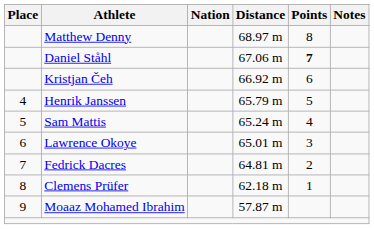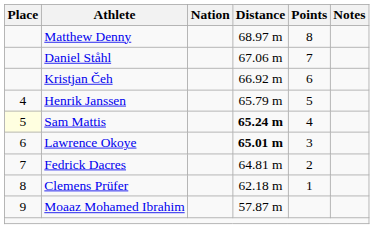 <table class="wikitable mw-datatable sortable" style="text-align:center;">
 <tr>
 <th scope="col">Place</th>
 <th scope="col">Athlete</th>
 <th scope="col">Nation</th>
 <th scope="col">Distance</th>
 <th scope="col">Points</th>
 <th scope="col">Notes</th>
 </tr>
 <tr>
 <td></td>
 <td align="left"><a href='#'>Matthew Denny</a></td>
 <td align="left"></td>
 <td>68.97 m</td>
 <td>8</td>
 <td></td>
 </tr>
 <tr>
 <td></td>
 <td align="left"><a href='#'>Daniel Ståhl</a></td>
 <td align="left"></td>
 <td>67.06 m</td>
-<td><strong>7</strong></td>
+<td>7</td>
 <td></td>
 </tr>
 <tr>
 <td></td>
 <td align="left"><a href='#'>Kristjan Čeh</a></td>
 <td align="left"></td>
 <td>66.92 m</td>
 <td>6</td>
 <td></td>
 </tr>
 <tr>
 <td>4</td>
 <td align="left"><a href='#'>Henrik Janssen</a></td>
 <td align="left"></td>
 <td>65.79 m</td>
 <td>5</td>
 <td></td>
 </tr>
 <tr>
-<td>5</td>
+<td style="background: lightyellow;">5</td>
 <td align="left"><a href='#'>Sam Mattis</a></td>
 <td align="left"></td>
-<td>65.24 m</td>
+<td><strong>65.24 m</strong></td>
 <td>4</td>
 <td></td>
 </tr>
 <tr>
 <td>6</td>
 <td align="left"><a href='#'>Lawrence Okoye</a></td>
 <td align="left"></td>
-<td>65.01 m</td>
+<td><strong>65.01 m</strong></td>
 <td>3</td>
 <td></td>
 </tr>
 <tr>
 <td>7</td>
 <td align="left"><a href='#'>Fedrick Dacres</a></td>
 <td align="left"></td>
 <td>64.81 m</td>
 <td>2</td>
 <td></td>
 </tr>
 <tr>
 <td>8</td>
 <td align="left"><a href='#'>Clemens Prüfer</a></td>
 <td align="left"></td>
 <td>62.18 m</td>
 <td>1</td>
 <td></td>
 </tr>
 <tr>
 <td>9</td>
 <td align="left"><a href='#'>Moaaz Mohamed Ibrahim</a></td>
 <td align="left"></td>
 <td>57.87 m</td>
 <td></td>
 <td></td>
 </tr>
 <tr class="sortbottom">
 <td colspan="6"></td>
 </tr>
 </table>
